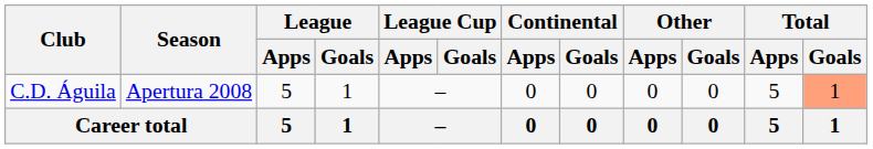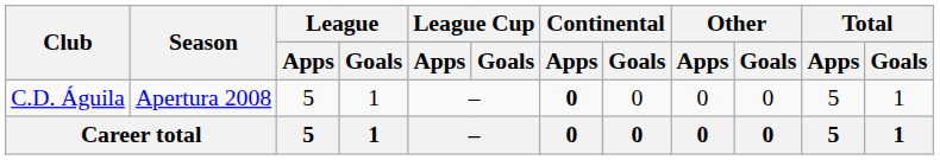 <table class="wikitable" style="text-align: center;">
 <tr>
 <th rowspan="2">Club</th>
 <th rowspan="2">Season</th>
 <th colspan="2">League</th>
 <th colspan="2">League Cup</th>
 <th colspan="2">Continental</th>
 <th colspan="2">Other</th>
 <th colspan="2">Total</th>
 </tr>
 <tr>
 <th>Apps</th>
 <th>Goals</th>
 <th>Apps</th>
 <th>Goals</th>
 <th>Apps</th>
 <th>Goals</th>
 <th>Apps</th>
 <th>Goals</th>
 <th>Apps</th>
 <th>Goals</th>
 </tr>
 <tr>
 <td rowspan="1" valign="center"><a href='#'>C.D. Águila</a></td>
 <td><a href='#'>Apertura 2008</a></td>
 <td>5</td>
 <td>1</td>
 <td colspan="2">–</td>
-<td>0</td>
+<td><strong>0</strong></td>
 <td>0</td>
 <td>0</td>
 <td>0</td>
 <td>5</td>
-<td style="background: lightsalmon;">1</td>
+<td>1</td>
 </tr>
 <tr>
 <th colspan="2">Career total</th>
 <th>5</th>
 <th>1</th>
 <th colspan="2">–</th>
 <th>0</th>
 <th>0</th>
 <th>0</th>
 <th>0</th>
 <th>5</th>
 <th>1</th>
 </tr>
 </table>
